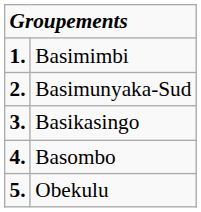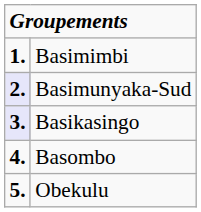 <table class="wikitable">
 <tr>
 <td colspan="2"><strong><em>Groupements</em></strong></td>
 </tr>
 <tr>
 <td><strong>1.</strong></td>
 <td>Basimimbi</td>
 </tr>
 <tr>
-<td><strong>2.</strong></td>
+<td style="background: lavender;"><strong>2.</strong></td>
 <td>Basimunyaka-Sud</td>
 </tr>
 <tr>
-<td><strong>3.</strong></td>
+<td style="background: lavender;"><strong>3.</strong></td>
 <td>Basikasingo</td>
 </tr>
 <tr>
 <td><strong>4.</strong></td>
 <td>Basombo</td>
 </tr>
 <tr>
 <td><strong>5.</strong></td>
 <td>Obekulu</td>
 </tr>
 </table>
